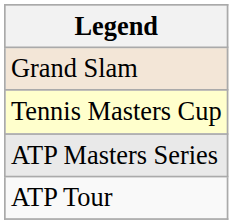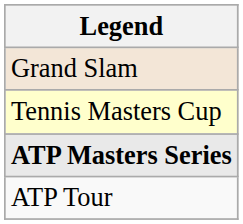 <table class="sortable wikitable" style=font-size:97%>
 <tr>
 <th>Legend</th>
 </tr>
 <tr style="background:#f3e6d7;">
 <td>Grand Slam</td>
 </tr>
 <tr style="background:#ffffcc;">
 <td>Tennis Masters Cup</td>
 </tr>
 <tr style="background:#e9e9e9;">
-<td>ATP Masters Series</td>
+<td><strong>ATP Masters Series</strong></td>
 </tr>
 <tr>
 <td>ATP Tour</td>
 </tr>
 </table>
